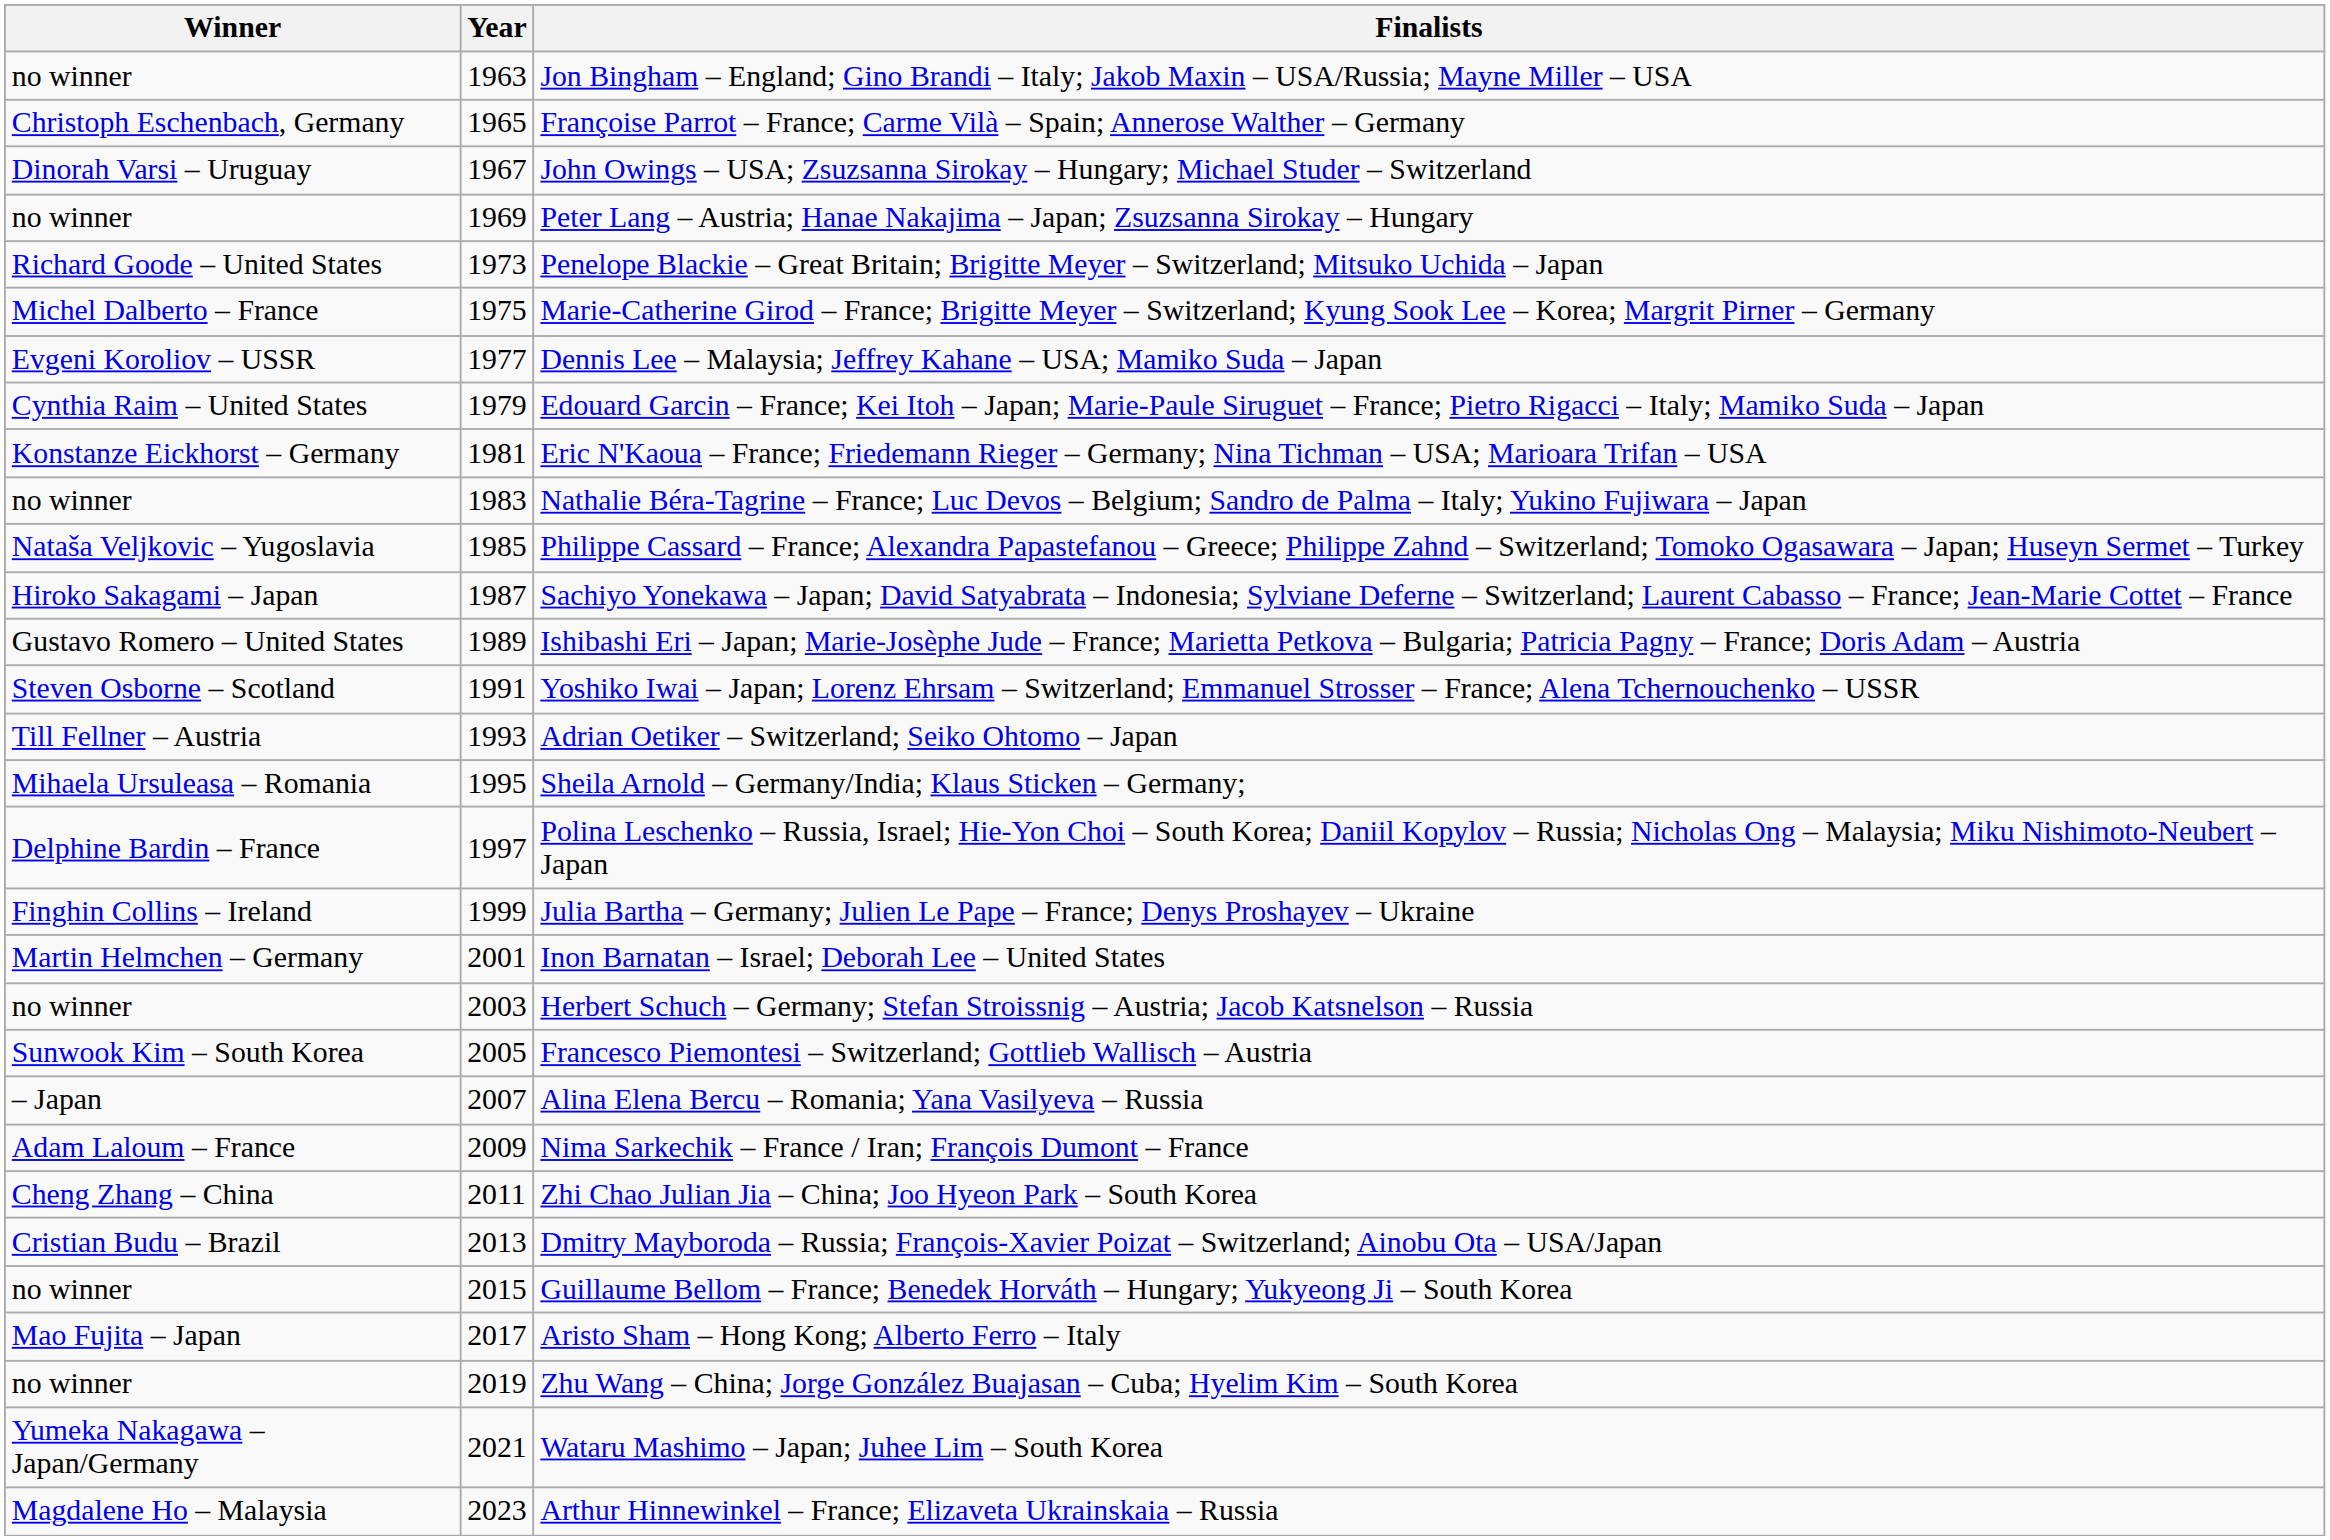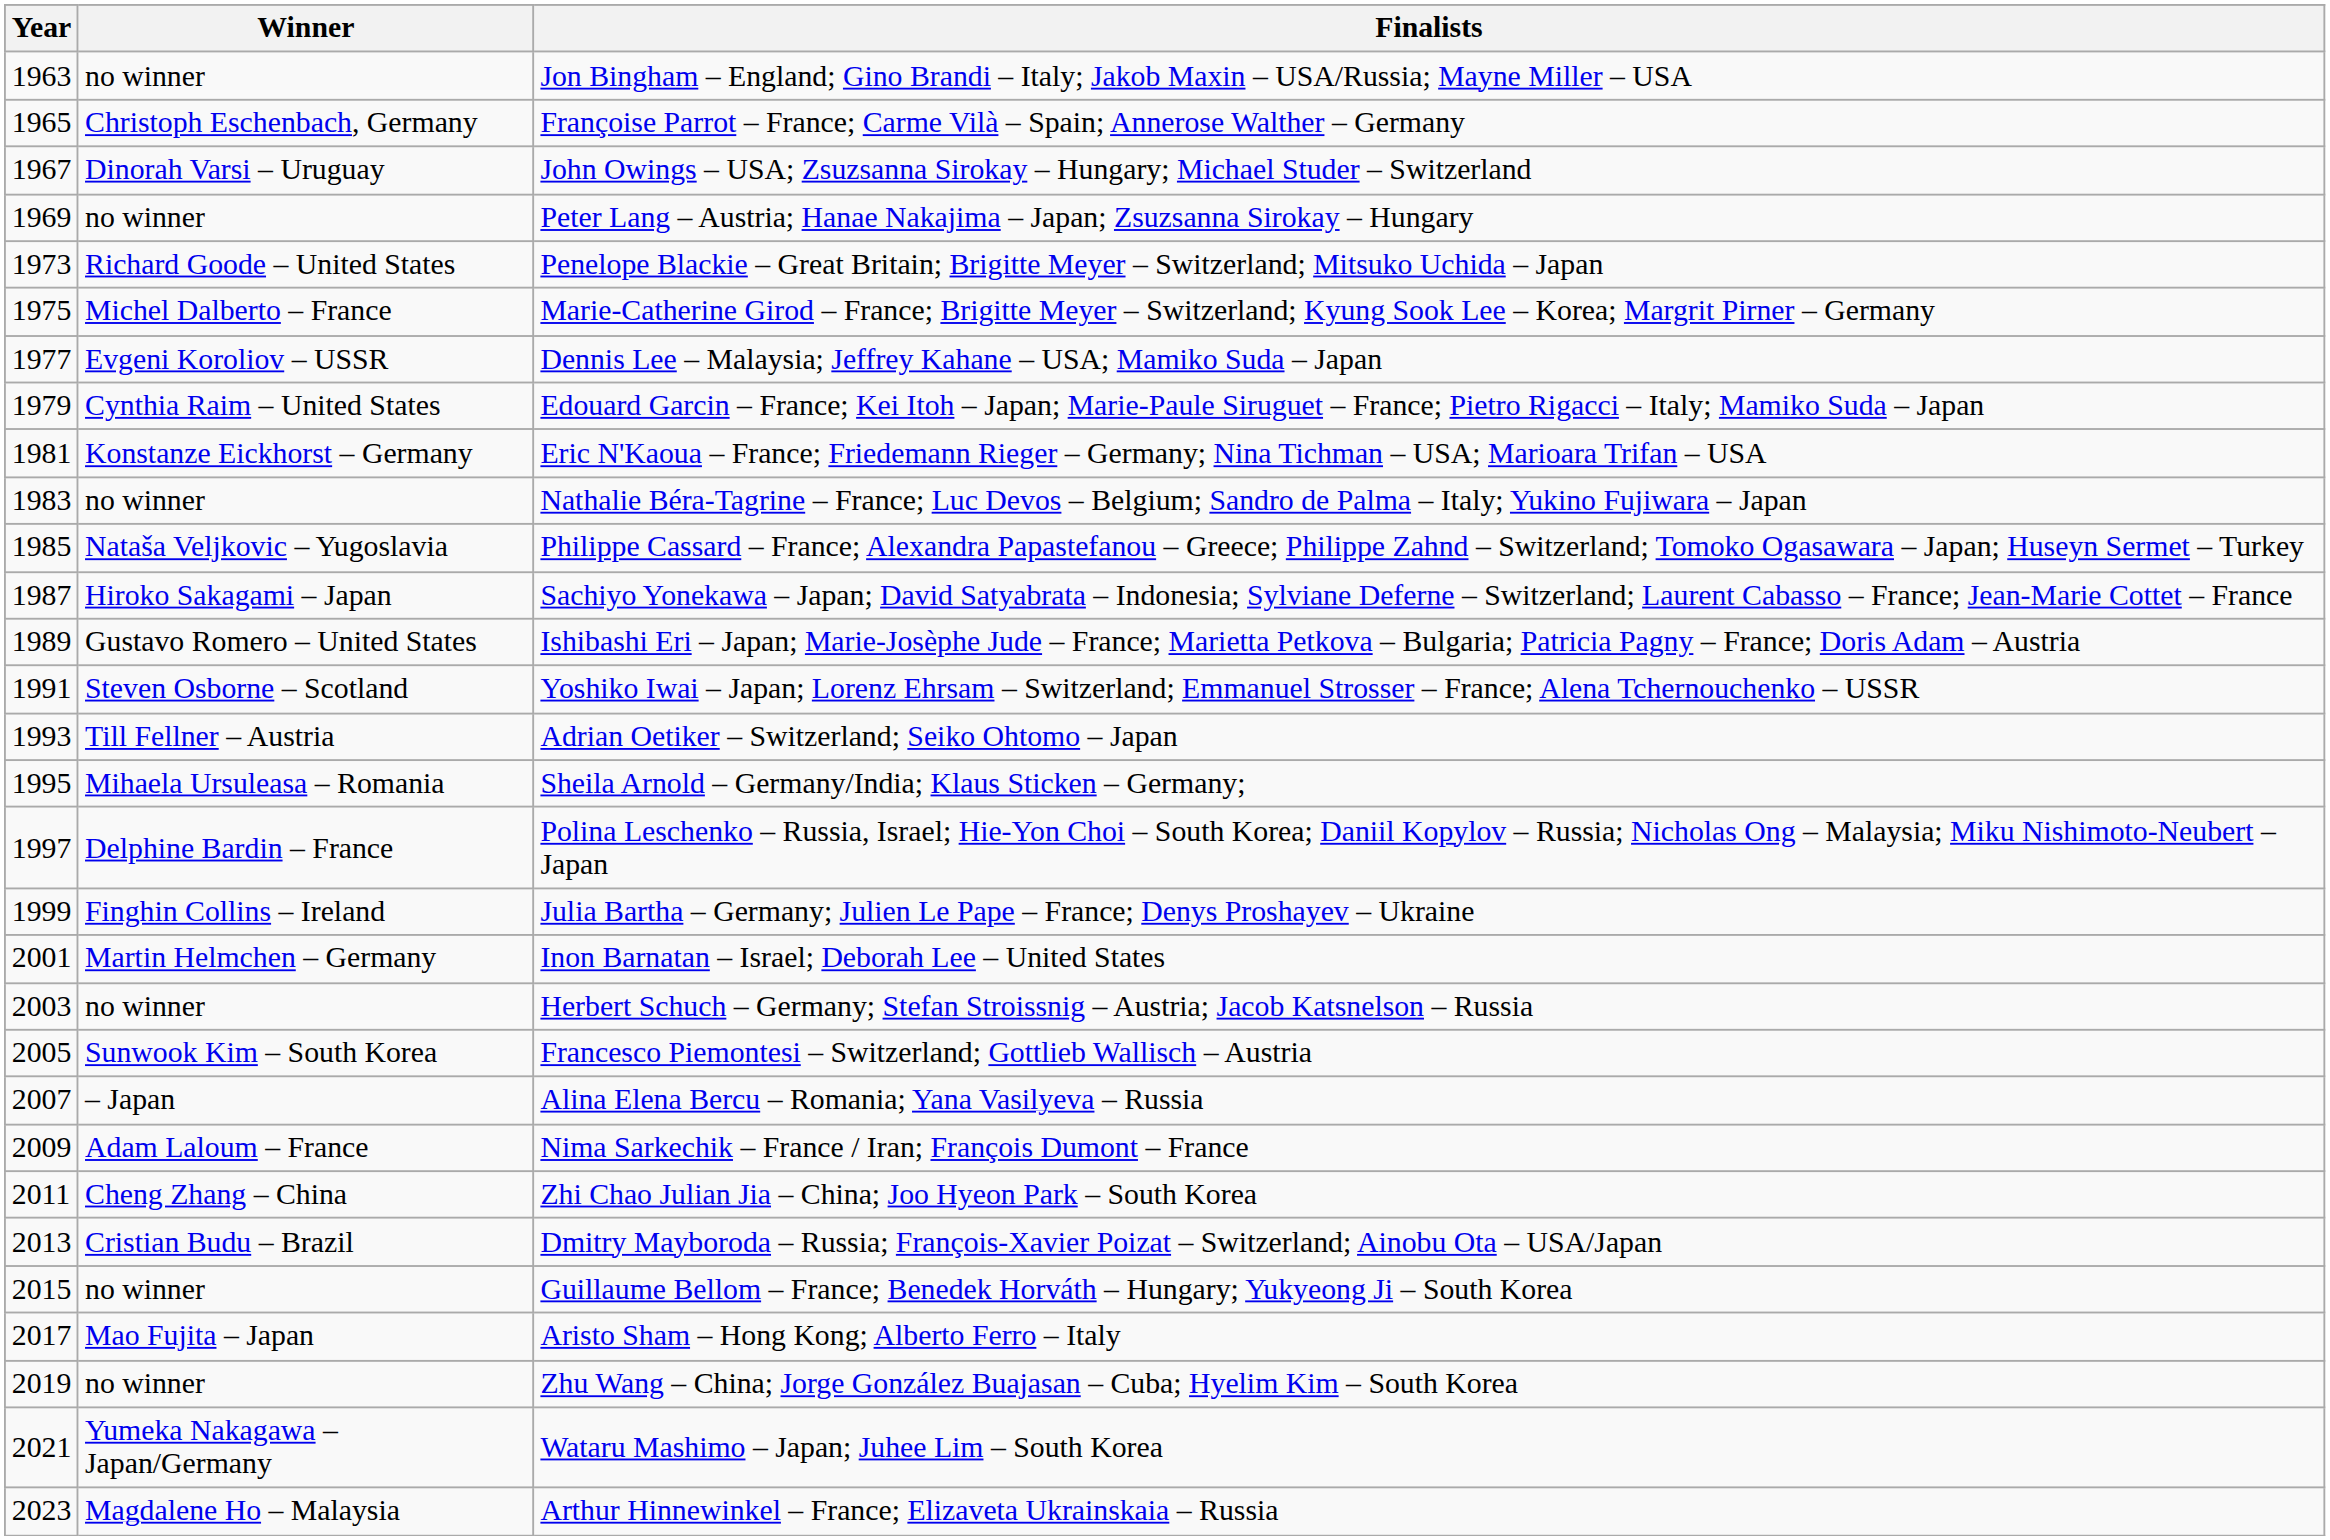 <table class=wikitable>
 <tr>
+<th>Year</th>
 <th>Winner</th>
-<th>Year</th>
 <th>Finalists</th>
 </tr>
 <tr>
+<td>1963</td>
 <td>no winner</td>
-<td>1963</td>
 <td><a href='#'>Jon Bingham</a> – England; <a href='#'>Gino Brandi</a> – Italy; <a href='#'>Jakob Maxin</a> – USA/Russia; <a href='#'>Mayne Miller</a> – USA</td>
 </tr>
 <tr>
+<td>1965</td>
 <td><a href='#'>Christoph Eschenbach</a>, Germany</td>
-<td>1965</td>
 <td><a href='#'>Françoise Parrot</a> – France; <a href='#'>Carme Vilà</a> – Spain; <a href='#'>Annerose Walther</a> – Germany</td>
 </tr>
 <tr>
+<td>1967</td>
 <td><a href='#'>Dinorah Varsi</a> – Uruguay</td>
-<td>1967</td>
 <td><a href='#'>John Owings</a> – USA; <a href='#'>Zsuzsanna Sirokay</a> – Hungary; <a href='#'>Michael Studer</a> – Switzerland</td>
 </tr>
 <tr>
+<td>1969</td>
 <td>no winner</td>
-<td>1969</td>
 <td><a href='#'>Peter Lang</a> – Austria; <a href='#'>Hanae Nakajima</a> – Japan; <a href='#'>Zsuzsanna Sirokay</a> – Hungary</td>
 </tr>
 <tr>
+<td>1973</td>
 <td><a href='#'>Richard Goode</a> – United States</td>
-<td>1973</td>
 <td><a href='#'>Penelope Blackie</a> – Great Britain; <a href='#'>Brigitte Meyer</a> – Switzerland; <a href='#'>Mitsuko Uchida</a> – Japan</td>
 </tr>
 <tr>
+<td>1975</td>
 <td><a href='#'>Michel Dalberto</a> – France</td>
-<td>1975</td>
 <td><a href='#'>Marie-Catherine Girod</a> – France; <a href='#'>Brigitte Meyer</a> – Switzerland; <a href='#'>Kyung Sook Lee</a> – Korea; <a href='#'>Margrit Pirner</a> – Germany</td>
 </tr>
 <tr>
+<td>1977</td>
 <td><a href='#'>Evgeni Koroliov</a> – USSR</td>
-<td>1977</td>
 <td><a href='#'>Dennis Lee</a> – Malaysia; <a href='#'>Jeffrey Kahane</a> – USA; <a href='#'>Mamiko Suda</a> – Japan</td>
 </tr>
 <tr>
+<td>1979</td>
 <td><a href='#'>Cynthia Raim</a> – United States</td>
-<td>1979</td>
 <td><a href='#'>Edouard Garcin</a> – France; <a href='#'>Kei Itoh</a> – Japan; <a href='#'>Marie-Paule Siruguet</a> – France; <a href='#'>Pietro Rigacci</a> – Italy; <a href='#'>Mamiko Suda</a> – Japan</td>
 </tr>
 <tr>
+<td>1981</td>
 <td><a href='#'>Konstanze Eickhorst</a> – Germany</td>
-<td>1981</td>
 <td><a href='#'>Eric N'Kaoua</a> – France; <a href='#'>Friedemann Rieger</a> – Germany; <a href='#'>Nina Tichman</a> – USA; <a href='#'>Marioara Trifan</a> – USA</td>
 </tr>
 <tr>
+<td>1983</td>
 <td>no winner</td>
-<td>1983</td>
 <td><a href='#'>Nathalie Béra-Tagrine</a> – France; <a href='#'>Luc Devos</a> – Belgium; <a href='#'>Sandro de Palma</a> – Italy; <a href='#'>Yukino Fujiwara</a> – Japan</td>
 </tr>
 <tr>
+<td>1985</td>
 <td><a href='#'>Nataša Veljkovic</a> – Yugoslavia</td>
-<td>1985</td>
 <td><a href='#'>Philippe Cassard</a> – France; <a href='#'>Alexandra Papastefanou</a> – Greece; <a href='#'>Philippe Zahnd</a> – Switzerland; <a href='#'>Tomoko Ogasawara</a> – Japan; <a href='#'>Huseyn Sermet</a> – Turkey</td>
 </tr>
 <tr>
+<td>1987</td>
 <td><a href='#'>Hiroko Sakagami</a> – Japan</td>
-<td>1987</td>
 <td><a href='#'>Sachiyo Yonekawa</a> – Japan; <a href='#'>David Satyabrata</a> – Indonesia; <a href='#'>Sylviane Deferne</a> – Switzerland; <a href='#'>Laurent Cabasso</a> – France; <a href='#'>Jean-Marie Cottet</a> – France</td>
 </tr>
 <tr>
+<td>1989</td>
 <td>Gustavo Romero – United States</td>
-<td>1989</td>
 <td><a href='#'>Ishibashi Eri</a> – Japan; <a href='#'>Marie-Josèphe Jude</a> – France; <a href='#'>Marietta Petkova</a> – Bulgaria; <a href='#'>Patricia Pagny</a> – France; <a href='#'>Doris Adam</a> – Austria</td>
 </tr>
 <tr>
+<td>1991</td>
 <td><a href='#'>Steven Osborne</a> – Scotland</td>
-<td>1991</td>
 <td><a href='#'>Yoshiko Iwai</a> – Japan; <a href='#'>Lorenz Ehrsam</a> – Switzerland; <a href='#'>Emmanuel Strosser</a> – France; <a href='#'>Alena Tchernouchenko</a> – USSR</td>
 </tr>
 <tr>
+<td>1993</td>
 <td><a href='#'>Till Fellner</a> – Austria</td>
-<td>1993</td>
 <td><a href='#'>Adrian Oetiker</a> – Switzerland; <a href='#'>Seiko Ohtomo</a> – Japan</td>
 </tr>
 <tr>
+<td>1995</td>
 <td><a href='#'>Mihaela Ursuleasa</a> – Romania</td>
-<td>1995</td>
 <td><a href='#'>Sheila Arnold</a> – Germany/India; <a href='#'>Klaus Sticken</a> – Germany;</td>
 </tr>
 <tr>
+<td>1997</td>
 <td><a href='#'>Delphine Bardin</a> – France</td>
-<td>1997</td>
 <td><a href='#'>Polina Leschenko</a> – Russia, Israel; <a href='#'>Hie-Yon Choi</a> – South Korea; <a href='#'>Daniil Kopylov</a> – Russia; <a href='#'>Nicholas Ong</a> – Malaysia; <a href='#'>Miku Nishimoto-Neubert</a> – Japan</td>
 </tr>
 <tr>
+<td>1999</td>
 <td><a href='#'>Finghin Collins</a> – Ireland</td>
-<td>1999</td>
 <td><a href='#'>Julia Bartha</a> – Germany; <a href='#'>Julien Le Pape</a> – France; <a href='#'>Denys Proshayev</a> – Ukraine</td>
 </tr>
 <tr>
+<td>2001</td>
 <td><a href='#'>Martin Helmchen</a> – Germany</td>
-<td>2001</td>
 <td><a href='#'>Inon Barnatan</a> – Israel; <a href='#'>Deborah Lee</a> – United States</td>
 </tr>
 <tr>
+<td>2003</td>
 <td>no winner</td>
-<td>2003</td>
 <td><a href='#'>Herbert Schuch</a> – Germany; <a href='#'>Stefan Stroissnig</a> – Austria; <a href='#'>Jacob Katsnelson</a> – Russia</td>
 </tr>
 <tr>
+<td>2005</td>
 <td><a href='#'>Sunwook Kim</a> – South Korea</td>
-<td>2005</td>
 <td><a href='#'>Francesco Piemontesi</a> – Switzerland; <a href='#'>Gottlieb Wallisch</a> – Austria</td>
 </tr>
 <tr>
+<td>2007</td>
 <td> – Japan</td>
-<td>2007</td>
 <td><a href='#'>Alina Elena Bercu</a> – Romania; <a href='#'>Yana Vasilyeva</a> – Russia</td>
 </tr>
 <tr>
+<td>2009</td>
 <td><a href='#'>Adam Laloum</a> – France</td>
-<td>2009</td>
 <td><a href='#'>Nima Sarkechik</a> – France / Iran; <a href='#'>François Dumont</a> – France</td>
 </tr>
 <tr>
+<td>2011</td>
 <td><a href='#'>Cheng Zhang</a> – China</td>
-<td>2011</td>
 <td><a href='#'>Zhi Chao Julian Jia</a> – China; <a href='#'>Joo Hyeon Park</a> – South Korea</td>
 </tr>
 <tr>
+<td>2013</td>
 <td><a href='#'>Cristian Budu</a> – Brazil</td>
-<td>2013</td>
 <td><a href='#'>Dmitry Mayboroda</a> – Russia; <a href='#'>François-Xavier Poizat</a> – Switzerland; <a href='#'>Ainobu Ota</a> – USA/Japan</td>
 </tr>
 <tr>
+<td>2015</td>
 <td>no winner</td>
-<td>2015</td>
 <td><a href='#'>Guillaume Bellom</a> – France; <a href='#'>Benedek Horváth</a> – Hungary; <a href='#'>Yukyeong Ji</a> – South Korea</td>
 </tr>
 <tr>
+<td>2017</td>
 <td><a href='#'>Mao Fujita</a> – Japan</td>
-<td>2017</td>
 <td><a href='#'>Aristo Sham</a> – Hong Kong; <a href='#'>Alberto Ferro</a> – Italy</td>
 </tr>
 <tr>
+<td>2019</td>
 <td>no winner</td>
-<td>2019</td>
 <td><a href='#'>Zhu Wang</a> – China; <a href='#'>Jorge González Buajasan</a> – Cuba; <a href='#'>Hyelim Kim</a> – South Korea</td>
 </tr>
 <tr>
+<td>2021</td>
 <td><a href='#'>Yumeka Nakagawa</a> – Japan/Germany</td>
-<td>2021</td>
 <td><a href='#'>Wataru Mashimo</a> – Japan; <a href='#'>Juhee Lim</a> – South Korea</td>
 </tr>
 <tr>
+<td>2023</td>
 <td><a href='#'>Magdalene Ho</a> – Malaysia</td>
-<td>2023</td>
 <td><a href='#'>Arthur Hinnewinkel</a> – France; <a href='#'>Elizaveta Ukrainskaia</a> – Russia</td>
 </tr>
 </table>
